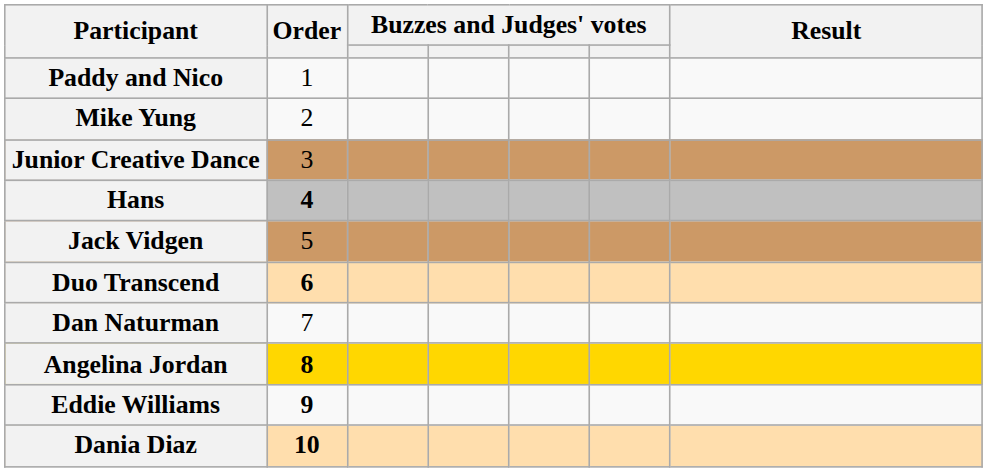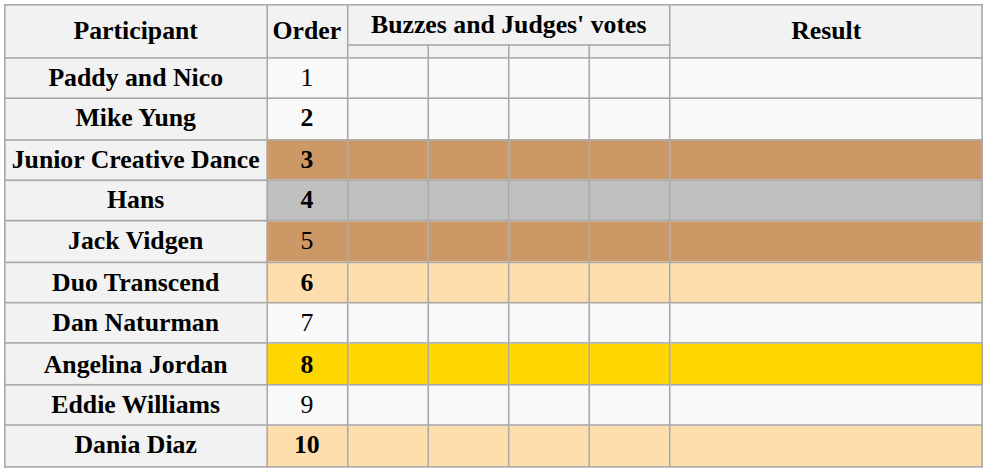 <table class="wikitable plainrowheaders sortable" style="text-align:center;">
 <tr>
 <th scope="col" rowspan="2" class="unsortable" style="width:17em;">Participant</th>
 <th scope="col" rowspan="2" style="width:1em;">Order</th>
 <th scope="col" colspan="4" class="unsortable" style="width:24em;">Buzzes and Judges' votes</th>
 <th scope="col" rowspan="2" style="width:25em;">Result</th>
 </tr>
 <tr>
 <th scope="col" class="unsortable" style="width:6em;"></th>
 <th scope="col" class="unsortable" style="width:6em;"></th>
 <th scope="col" class="unsortable" style="width:6em;"></th>
 <th scope="col" class="unsortable" style="width:6em;"></th>
 </tr>
 <tr>
 <th scope="row">Paddy and Nico</th>
 <td>1</td>
 <td style="text-align:center;"></td>
 <td style="text-align:center;"></td>
 <td style="text-align:center;"></td>
 <td style="text-align:center;"></td>
 <td></td>
 </tr>
 <tr>
 <th scope="row">Mike Yung</th>
-<td>2</td>
+<td><strong>2</strong></td>
 <td style="text-align:center;"></td>
 <td style="text-align:center;"></td>
 <td style="text-align:center;"></td>
 <td style="text-align:center;"></td>
 <td></td>
 </tr>
 <tr bgcolor=#c96>
 <th scope="row">Junior Creative Dance</th>
-<td>3</td>
+<td><strong>3</strong></td>
 <td style="text-align:center;"></td>
 <td style="text-align:center;"></td>
 <td style="text-align:center;"></td>
 <td style="text-align:center;"></td>
 <td></td>
 </tr>
 <tr bgcolor=silver>
 <th scope="row"><strong>Hans</strong></th>
 <td><strong>4</strong></td>
 <td style="text-align:center;"></td>
 <td style="text-align:center;"></td>
 <td style="text-align:center;"></td>
 <td style="text-align:center;"></td>
 <td><strong></strong></td>
 </tr>
 <tr bgcolor=#c96>
 <th scope="row">Jack Vidgen</th>
 <td>5</td>
 <td style="text-align:center;"></td>
 <td style="text-align:center;"></td>
 <td style="text-align:center;"></td>
 <td style="text-align:center;"></td>
 <td></td>
 </tr>
 <tr bgcolor=NavajoWhite>
 <th scope="row"><strong>Duo Transcend</strong></th>
 <td><strong>6</strong></td>
 <td style="text-align:center;"></td>
 <td style="text-align:center;"></td>
 <td style="text-align:center;"></td>
 <td style="text-align:center;"></td>
 <td><strong></strong></td>
 </tr>
 <tr>
 <th scope="row">Dan Naturman</th>
 <td>7</td>
 <td style="text-align:center;"></td>
 <td style="text-align:center;"></td>
 <td style="text-align:center;"></td>
 <td style="text-align:center;"></td>
 <td></td>
 </tr>
 <tr bgcolor=gold>
 <th scope="row"><strong>Angelina Jordan</strong></th>
 <td><strong>8</strong></td>
 <td style="text-align:center;"></td>
 <td style="text-align:center;"></td>
 <td style="text-align:center;"></td>
 <td style="text-align:center;"></td>
 <td><strong></strong></td>
 </tr>
 <tr>
 <th scope="row">Eddie Williams</th>
-<td><strong>9</strong></td>
+<td>9</td>
 <td style="text-align:center;"></td>
 <td style="text-align:center;"></td>
 <td style="text-align:center;"></td>
 <td style="text-align:center;"></td>
 <td></td>
 </tr>
 <tr bgcolor=NavajoWhite>
 <th scope="row"><strong>Dania Diaz</strong></th>
 <td><strong>10</strong></td>
 <td style="text-align:center;"></td>
 <td style="text-align:center;"></td>
 <td style="text-align:center;"></td>
 <td style="text-align:center;"></td>
 <td><strong></strong></td>
 </tr>
 </table>
